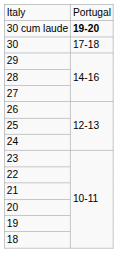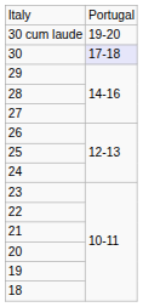 <table class="wikitable">
 <tr>
 <td>Italy</td>
 <td>Portugal</td>
 </tr>
 <tr>
 <td>30 cum laude</td>
-<td><strong>19-20</strong></td>
+<td>19-20</td>
 </tr>
 <tr>
 <td>30</td>
-<td>17-18</td>
+<td style="background: lavender;">17-18</td>
 </tr>
 <tr>
 <td>29</td>
 <td rowspan="3">14-16</td>
 </tr>
 <tr>
 <td>28</td>
 </tr>
 <tr>
 <td>27</td>
 </tr>
 <tr>
 <td>26</td>
 <td rowspan="3">12-13</td>
 </tr>
 <tr>
 <td>25</td>
 </tr>
 <tr>
 <td>24</td>
 </tr>
 <tr>
 <td>23</td>
 <td rowspan="6">10-11</td>
 </tr>
 <tr>
 <td>22</td>
 </tr>
 <tr>
 <td>21</td>
 </tr>
 <tr>
 <td>20</td>
 </tr>
 <tr>
 <td>19</td>
 </tr>
 <tr>
 <td>18</td>
 </tr>
 </table>
